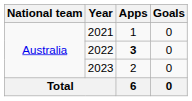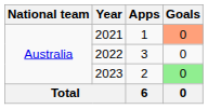 <table class="wikitable" style="text-align:center">
 <tr>
 <th>National team</th>
 <th>Year</th>
 <th>Apps</th>
 <th>Goals</th>
 </tr>
 <tr>
 <td rowspan="3"><a href='#'>Australia</a></td>
 <td>2021</td>
 <td>1</td>
-<td>0</td>
+<td style="background: lightsalmon;">0</td>
 </tr>
 <tr>
 <td>2022</td>
-<td><strong>3</strong></td>
+<td>3</td>
 <td>0</td>
 </tr>
 <tr>
 <td>2023</td>
 <td>2</td>
-<td>0</td>
+<td style="background: lightgreen;">0</td>
 </tr>
 <tr>
 <th colspan="2">Total</th>
 <th>6</th>
 <th>0</th>
 </tr>
 </table>
